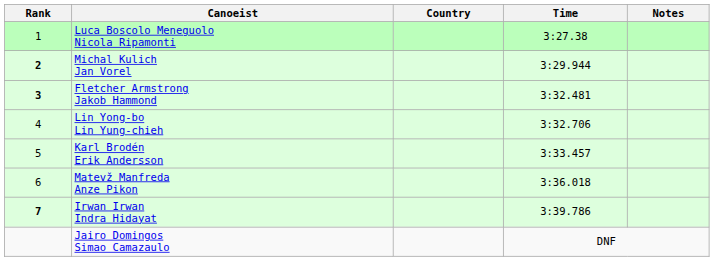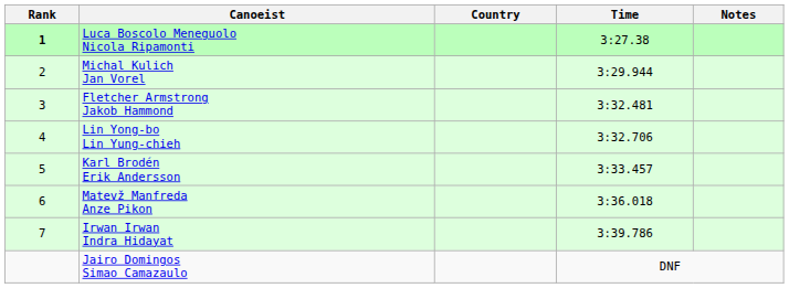 <table class="wikitable" style="text-align:center;width: 55%">
 <tr>
 <th>Rank</th>
 <th>Canoeist</th>
 <th>Country</th>
 <th>Time</th>
 <th>Notes</th>
 </tr>
 <tr bgcolor=bbffbb>
-<td>1</td>
+<td><strong>1</strong></td>
 <td align="left"><a href='#'>Luca Boscolo Meneguolo</a><br><a href='#'>Nicola Ripamonti</a></td>
 <td align="left"></td>
 <td>3:27.38</td>
 <td></td>
 </tr>
 <tr bgcolor=ddffdd>
-<td><strong>2</strong></td>
+<td>2</td>
 <td align="left"><a href='#'>Michal Kulich</a><br><a href='#'>Jan Vorel</a></td>
 <td align="left"></td>
 <td>3:29.944</td>
 <td></td>
 </tr>
 <tr bgcolor=ddffdd>
-<td><strong>3</strong></td>
+<td>3</td>
 <td align="left"><a href='#'>Fletcher Armstrong</a><br><a href='#'>Jakob Hammond</a></td>
 <td align="left"></td>
 <td>3:32.481</td>
 <td></td>
 </tr>
 <tr bgcolor=ddffdd>
 <td>4</td>
 <td align="left"><a href='#'>Lin Yong-bo</a><br><a href='#'>Lin Yung-chieh</a></td>
 <td align="left"></td>
 <td>3:32.706</td>
 <td></td>
 </tr>
 <tr bgcolor=ddffdd>
 <td>5</td>
 <td align="left"><a href='#'>Karl Brodén</a><br><a href='#'>Erik Andersson</a></td>
 <td align="left"></td>
 <td>3:33.457</td>
 <td></td>
 </tr>
 <tr bgcolor=ddffdd>
 <td>6</td>
 <td align="left"><a href='#'>Matevž Manfreda</a><br><a href='#'>Anze Pikon</a></td>
 <td align="left"></td>
 <td>3:36.018</td>
 <td></td>
 </tr>
 <tr bgcolor=ddffdd>
-<td><strong>7</strong></td>
+<td>7</td>
 <td align="left"><a href='#'>Irwan Irwan</a><br><a href='#'>Indra Hidayat</a></td>
 <td align="left"></td>
 <td>3:39.786</td>
 <td></td>
 </tr>
 <tr>
 <td></td>
 <td align="left"><a href='#'>Jairo Domingos</a><br><a href='#'>Simao Camazaulo</a></td>
 <td align="left"></td>
 <td colspan=2>DNF</td>
 </tr>
 </table>
